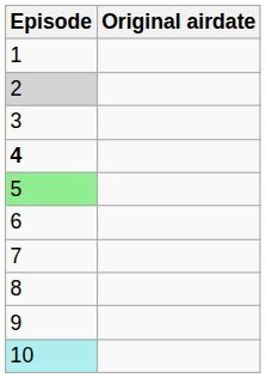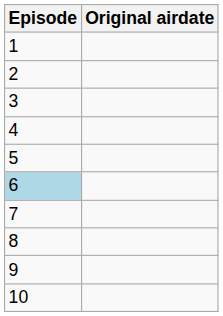 <table class="wikitable">
 <tr>
 <th>Episode</th>
 <th>Original airdate</th>
 </tr>
 <tr>
 <td>1</td>
 <td></td>
 </tr>
 <tr>
-<td style="background: lightgrey;">2</td>
+<td>2</td>
 <td></td>
 </tr>
 <tr>
 <td>3</td>
 <td></td>
 </tr>
 <tr>
-<td><strong>4</strong></td>
+<td>4</td>
 <td></td>
 </tr>
 <tr>
-<td style="background: lightgreen;">5</td>
+<td>5</td>
 <td></td>
 </tr>
 <tr>
-<td>6</td>
+<td style="background: lightblue;">6</td>
 <td></td>
 </tr>
 <tr>
 <td>7</td>
 <td></td>
 </tr>
 <tr>
 <td>8</td>
 <td></td>
 </tr>
 <tr>
 <td>9</td>
 <td></td>
 </tr>
 <tr>
-<td style="background: paleturquoise;">10</td>
+<td>10</td>
 <td></td>
 </tr>
 </table>
